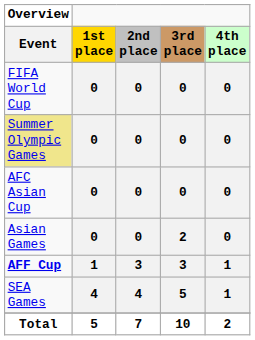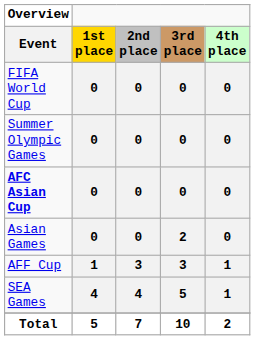 <table class="wikitable" style="width:30%; font-size:90%; text-align:center;">
 <tr>
 <th style="color:black; background:#FFFFFF; ">Overview</th>
 </tr>
 <tr>
 <th>Event</th>
 <th style="width:14%; background:gold;">1st place</th>
 <th style="width:14%; background:silver;">2nd place</th>
 <th style="width:14%; background:#c96;">3rd place</th>
 <th style="width:14%; background:#ccffcc;">4th place</th>
 </tr>
 <tr>
 <td align=left><a href='#'>FIFA World Cup</a></td>
 <th>0</th>
 <th>0</th>
 <th>0</th>
 <th>0</th>
 </tr>
 <tr>
-<td align="left" style="background: khaki;"><a href='#'>Summer Olympic Games</a></td>
+<td align="left"><a href='#'>Summer Olympic Games</a></td>
 <th>0</th>
 <th>0</th>
 <th>0</th>
 <th>0</th>
 </tr>
 <tr>
-<td align=left><a href='#'>AFC Asian Cup</a></td>
+<td align=left><strong><a href='#'>AFC Asian Cup</a></strong></td>
 <th>0</th>
 <th>0</th>
 <th>0</th>
 <th>0</th>
 </tr>
 <tr>
 <td align="left"><a href='#'>Asian Games</a></td>
 <th>0</th>
 <th>0</th>
 <th>2</th>
 <th>0</th>
 </tr>
 <tr>
-<td align="left"><strong><a href='#'>AFF Cup</a></strong></td>
+<td align="left"><a href='#'>AFF Cup</a></td>
 <th>1</th>
 <th>3</th>
 <th>3</th>
 <th>1</th>
 </tr>
 <tr>
 <td align="left"><a href='#'>SEA Games</a></td>
 <th>4</th>
 <th>4</th>
 <th>5</th>
 <th>1</th>
 </tr>
 <tr>
 </tr>
 <tr style="background:silver">
 <th style="color:black; background:#FFFFFF; ">Total</th>
 <th style="color:black; background:#FFFFFF; ">5</th>
 <th style="color:black; background:#FFFFFF; ">7</th>
 <th style="color:black; background:#FFFFFF; ">10</th>
 <th style="color:black; background:#FFFFFF; ">2</th>
 </tr>
 </table>
